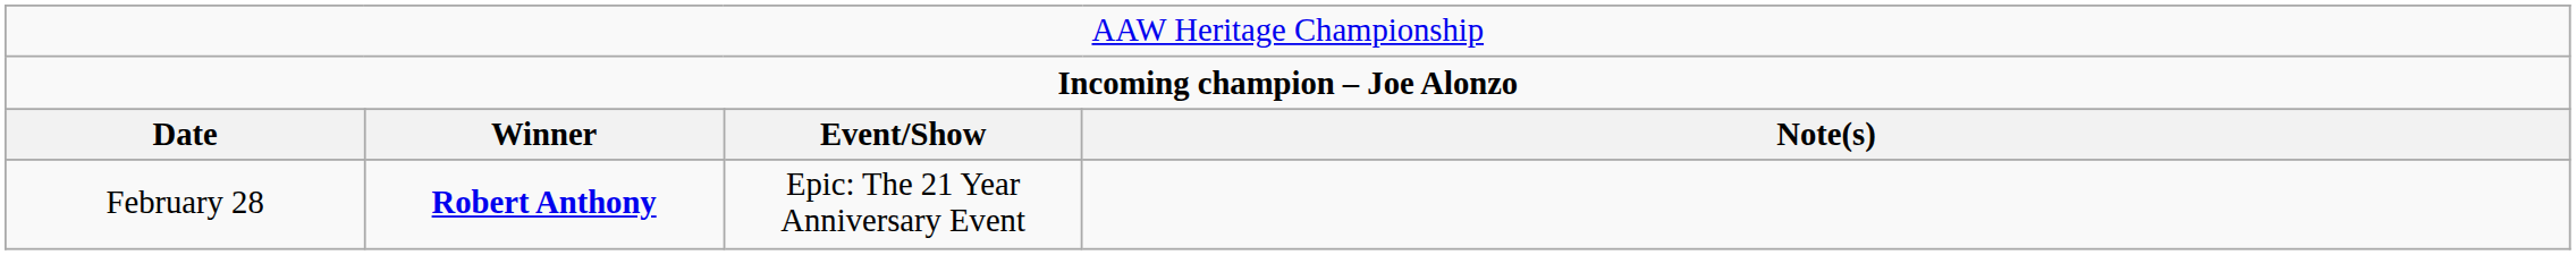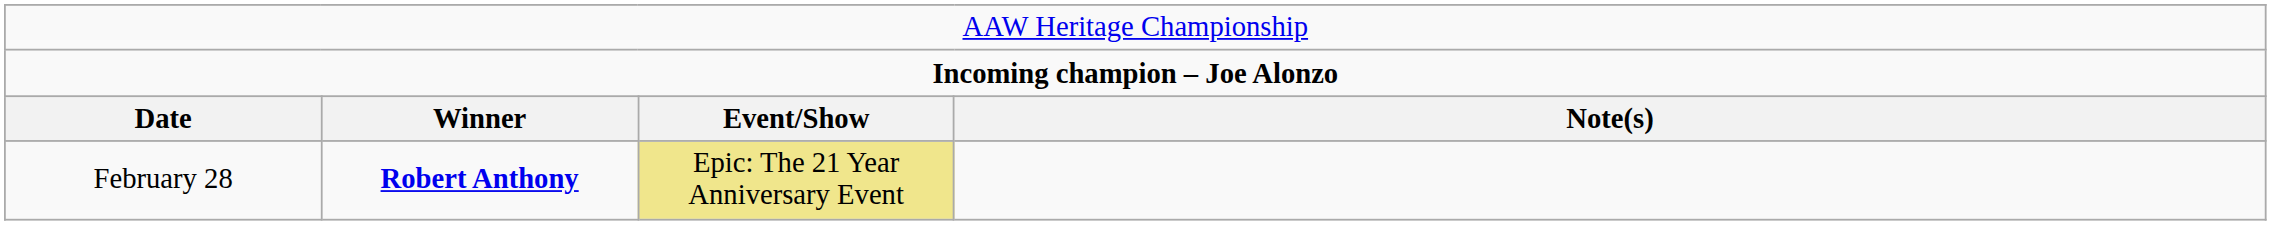 <table class="wikitable" style="text-align:center; width:100%;">
 <tr>
 <td colspan="4" style="text-align: center;"><a href='#'>AAW Heritage Championship</a></td>
 </tr>
 <tr>
 <td colspan="4" style="text-align: center;"><strong>Incoming champion – Joe Alonzo</strong></td>
 </tr>
 <tr>
 <th width="14%">Date</th>
 <th width="14%">Winner</th>
 <th width="14%">Event/Show</th>
 <th width="58%">Note(s)</th>
 </tr>
 <tr>
 <td>February 28</td>
 <td><strong><a href='#'>Robert Anthony</a></strong></td>
-<td>Epic: The 21 Year Anniversary Event</td>
+<td style="background: khaki;">Epic: The 21 Year Anniversary Event</td>
 <td></td>
 </tr>
 </table>
